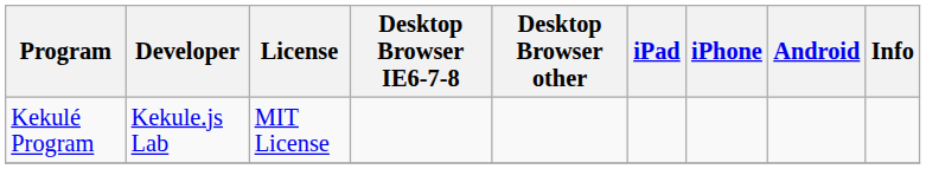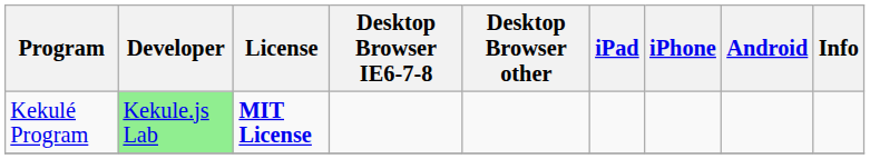 <table class="wikitable">
 <tr>
 <th>Program</th>
 <th>Developer</th>
 <th>License</th>
 <th>Desktop Browser IE6-7-8</th>
 <th>Desktop Browser other</th>
 <th><a href='#'>iPad</a></th>
 <th><a href='#'>iPhone</a></th>
 <th><a href='#'>Android</a></th>
 <th>Info</th>
 </tr>
 <tr>
 <td><a href='#'>Kekulé Program</a></td>
-<td><a href='#'>Kekule.js Lab</a></td>
-<td><a href='#'>MIT License</a></td>
+<td style="background: lightgreen;"><a href='#'>Kekule.js Lab</a></td>
+<td><strong><a href='#'>MIT License</a></strong></td>
 <td></td>
 <td></td>
 <td></td>
 <td></td>
 <td></td>
 <td></td>
 </tr>
 <tr>
 </tr>
 </table>
